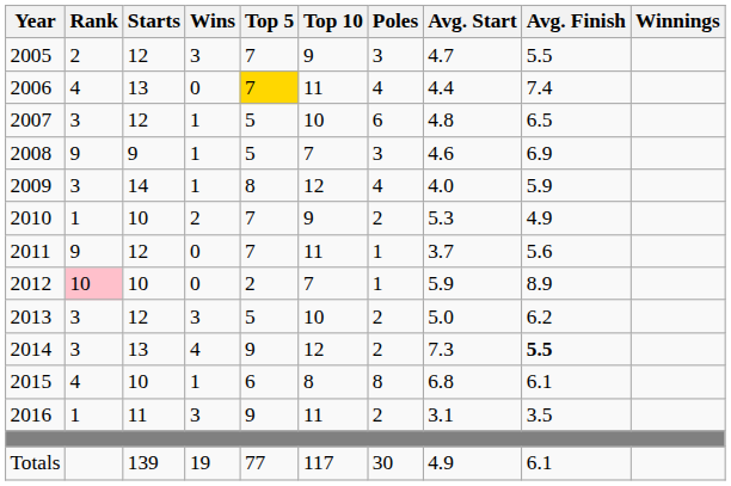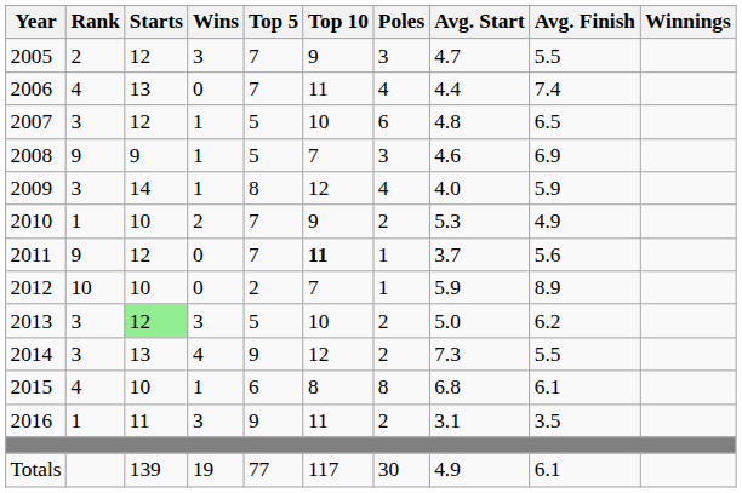 <table class="wikitable">
 <tr>
 <th>Year</th>
 <th>Rank</th>
 <th>Starts</th>
 <th>Wins</th>
 <th>Top 5</th>
 <th>Top 10</th>
 <th>Poles</th>
 <th>Avg. Start</th>
 <th>Avg. Finish</th>
 <th>Winnings</th>
 </tr>
 <tr>
 <td>2005</td>
 <td>2</td>
 <td>12</td>
 <td>3</td>
 <td>7</td>
 <td>9</td>
 <td>3</td>
 <td>4.7</td>
 <td>5.5</td>
 <td></td>
 </tr>
 <tr>
 <td>2006</td>
 <td>4</td>
 <td>13</td>
 <td>0</td>
-<td style="background: gold;">7</td>
+<td>7</td>
 <td>11</td>
 <td>4</td>
 <td>4.4</td>
 <td>7.4</td>
 <td></td>
 </tr>
 <tr>
 <td>2007</td>
 <td>3</td>
 <td>12</td>
 <td>1</td>
 <td>5</td>
 <td>10</td>
 <td>6</td>
 <td>4.8</td>
 <td>6.5</td>
 <td></td>
 </tr>
 <tr>
 <td>2008</td>
 <td>9</td>
 <td>9</td>
 <td>1</td>
 <td>5</td>
 <td>7</td>
 <td>3</td>
 <td>4.6</td>
 <td>6.9</td>
 <td></td>
 </tr>
 <tr>
 <td>2009</td>
 <td>3</td>
 <td>14</td>
 <td>1</td>
 <td>8</td>
 <td>12</td>
 <td>4</td>
 <td>4.0</td>
 <td>5.9</td>
 <td></td>
 </tr>
 <tr>
 <td>2010</td>
 <td>1</td>
 <td>10</td>
 <td>2</td>
 <td>7</td>
 <td>9</td>
 <td>2</td>
 <td>5.3</td>
 <td>4.9</td>
 <td></td>
 </tr>
 <tr>
 <td>2011</td>
 <td>9</td>
 <td>12</td>
 <td>0</td>
 <td>7</td>
-<td>11</td>
+<td><strong>11</strong></td>
 <td>1</td>
 <td>3.7</td>
 <td>5.6</td>
 <td></td>
 </tr>
 <tr>
 <td>2012</td>
-<td style="background: pink;">10</td>
+<td>10</td>
 <td>10</td>
 <td>0</td>
 <td>2</td>
 <td>7</td>
 <td>1</td>
 <td>5.9</td>
 <td>8.9</td>
 <td></td>
 </tr>
 <tr>
 <td>2013</td>
 <td>3</td>
-<td>12</td>
+<td style="background: lightgreen;">12</td>
 <td>3</td>
 <td>5</td>
 <td>10</td>
 <td>2</td>
 <td>5.0</td>
 <td>6.2</td>
 <td></td>
 </tr>
 <tr>
 <td>2014</td>
 <td>3</td>
 <td>13</td>
 <td>4</td>
 <td>9</td>
 <td>12</td>
 <td>2</td>
 <td>7.3</td>
-<td><strong>5.5</strong></td>
+<td>5.5</td>
 <td></td>
 </tr>
 <tr>
 <td>2015</td>
 <td>4</td>
 <td>10</td>
 <td>1</td>
 <td>6</td>
 <td>8</td>
 <td>8</td>
 <td>6.8</td>
 <td>6.1</td>
 <td></td>
 </tr>
 <tr>
 <td>2016</td>
 <td>1</td>
 <td>11</td>
 <td>3</td>
 <td>9</td>
 <td>11</td>
 <td>2</td>
 <td>3.1</td>
 <td>3.5</td>
 <td></td>
 </tr>
 <tr>
 <td colspan=11 style="background:#808080;" height="5px"></td>
 </tr>
 <tr>
 <td>Totals</td>
 <td></td>
 <td>139</td>
 <td>19</td>
 <td>77</td>
 <td>117</td>
 <td>30</td>
 <td>4.9</td>
 <td>6.1</td>
 <td></td>
 </tr>
 </table>
